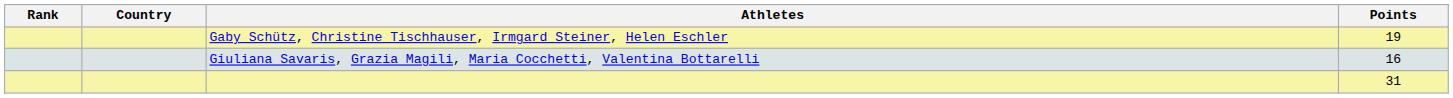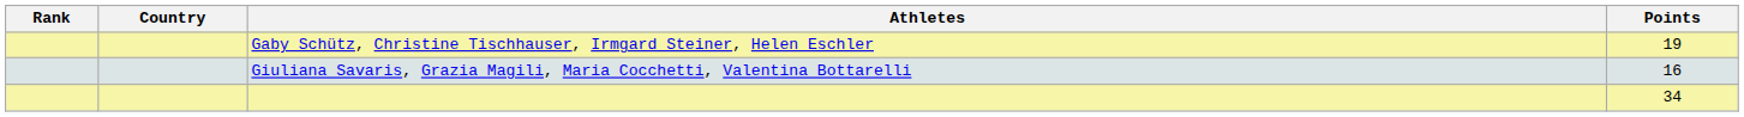 <table class="wikitable" width=65% style="font-size:90%; text-align:center;">
 <tr>
 <th>Rank</th>
 <th>Country</th>
 <th>Athletes</th>
 <th>Points</th>
 </tr>
 <tr bgcolor="#F7F6A8">
 <td></td>
 <td align=left></td>
 <td align=left><a href='#'>Gaby Schütz</a>, <a href='#'>Christine Tischhauser</a>, <a href='#'>Irmgard Steiner</a>, <a href='#'>Helen Eschler</a></td>
 <td>19</td>
 </tr>
 <tr bgcolor="#DCE5E5">
 <td></td>
 <td align=left></td>
 <td align=left><a href='#'>Giuliana Savaris</a>, <a href='#'>Grazia Magili</a>, <a href='#'>Maria Cocchetti</a>, <a href='#'>Valentina Bottarelli</a></td>
 <td>16</td>
 </tr>
 <tr bgcolor="#F7F6A8">
 <td></td>
 <td align=left></td>
 <td></td>
-<td>31</td>
+<td>34</td>
 </tr>
 </table>
